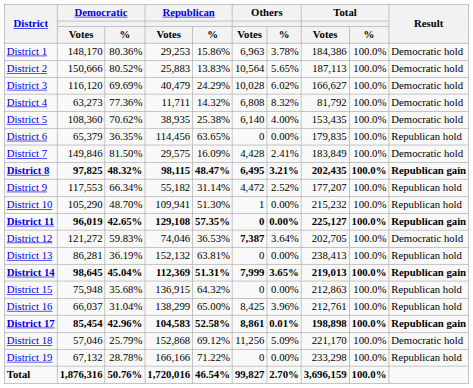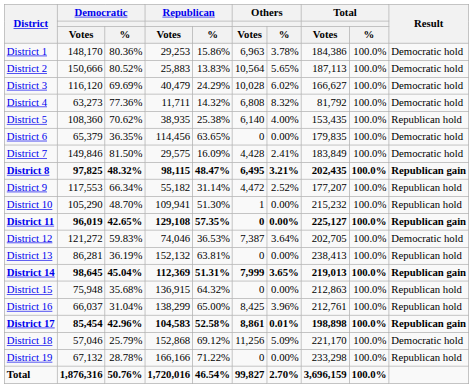 <table class="wikitable plainrowheaders sortable" style="font-size:100%; text-align:right;">
 <tr>
 <th scope=col rowspan=3><a href='#'>District</a></th>
 <th scope=col colspan=2><a href='#'>Democratic</a></th>
 <th scope=col colspan=2><a href='#'>Republican</a></th>
 <th scope=col colspan=2>Others</th>
 <th scope=col colspan=2>Total</th>
 <th scope=col rowspan=3>Result</th>
 </tr>
 <tr>
 <th scope=col colspan=2 style="background:"></th>
 <th scope=col colspan=2 style="background:"></th>
 <th scope=col colspan=2></th>
 <th scope=col colspan=2></th>
 </tr>
 <tr>
 <th scope=col data-sort-type="number">Votes</th>
 <th scope=col data-sort-type="number">%</th>
 <th scope=col data-sort-type="number">Votes</th>
 <th scope=col data-sort-type="number">%</th>
 <th scope=col data-sort-type="number">Votes</th>
 <th scope=col data-sort-type="number">%</th>
 <th scope=col data-sort-type="number">Votes</th>
 <th scope=col data-sort-type="number">%</th>
 </tr>
 <tr>
 <td align=left><a href='#'>District 1</a></td>
 <td>148,170</td>
 <td>80.36%</td>
 <td>29,253</td>
 <td>15.86%</td>
 <td>6,963</td>
 <td>3.78%</td>
 <td>184,386</td>
 <td>100.0%</td>
 <td align=left>Democratic hold</td>
 </tr>
 <tr>
 <td align=left><a href='#'>District 2</a></td>
 <td>150,666</td>
 <td>80.52%</td>
 <td>25,883</td>
 <td>13.83%</td>
 <td>10,564</td>
 <td>5.65%</td>
 <td>187,113</td>
 <td>100.0%</td>
 <td align=left>Democratic hold</td>
 </tr>
 <tr>
 <td align=left><a href='#'>District 3</a></td>
 <td>116,120</td>
 <td>69.69%</td>
 <td>40,479</td>
 <td>24.29%</td>
 <td>10,028</td>
 <td>6.02%</td>
 <td>166,627</td>
 <td>100.0%</td>
 <td align=left>Democratic hold</td>
 </tr>
 <tr>
 <td align=left><a href='#'>District 4</a></td>
 <td>63,273</td>
 <td>77.36%</td>
 <td>11,711</td>
 <td>14.32%</td>
 <td>6,808</td>
 <td>8.32%</td>
 <td>81,792</td>
 <td>100.0%</td>
 <td align=left>Democratic hold</td>
 </tr>
 <tr>
 <td align=left><a href='#'>District 5</a></td>
 <td>108,360</td>
 <td>70.62%</td>
 <td>38,935</td>
 <td>25.38%</td>
 <td>6,140</td>
 <td>4.00%</td>
 <td>153,435</td>
 <td>100.0%</td>
-<td align=left>Democratic hold</td>
+<td align=left>Republican hold</td>
 </tr>
 <tr>
 <td align=left><a href='#'>District 6</a></td>
 <td>65,379</td>
 <td>36.35%</td>
 <td>114,456</td>
 <td>63.65%</td>
 <td>0</td>
 <td>0.00%</td>
 <td>179,835</td>
 <td>100.0%</td>
-<td align=left>Republican hold</td>
+<td align=left>Democratic hold</td>
 </tr>
 <tr>
 <td align=left><a href='#'>District 7</a></td>
 <td>149,846</td>
 <td>81.50%</td>
 <td>29,575</td>
 <td>16.09%</td>
 <td>4,428</td>
 <td>2.41%</td>
 <td>183,849</td>
 <td>100.0%</td>
 <td align=left>Democratic hold</td>
 </tr>
 <tr>
 <td align=left><strong><a href='#'>District 8</a></strong></td>
 <td><strong>97,825</strong></td>
 <td><strong>48.32%</strong></td>
 <td><strong>98,115</strong></td>
 <td><strong>48.47%</strong></td>
 <td><strong>6,495</strong></td>
 <td><strong>3.21%</strong></td>
 <td><strong>202,435</strong></td>
 <td><strong>100.0%</strong></td>
 <td align=left><strong>Republican gain</strong></td>
 </tr>
 <tr>
 <td align=left><a href='#'>District 9</a></td>
 <td>117,553</td>
 <td>66.34%</td>
 <td>55,182</td>
 <td>31.14%</td>
 <td>4,472</td>
 <td>2.52%</td>
 <td>177,207</td>
 <td>100.0%</td>
 <td align=left>Republican hold</td>
 </tr>
 <tr>
 <td align=left><a href='#'>District 10</a></td>
 <td>105,290</td>
 <td>48.70%</td>
 <td>109,941</td>
 <td>51.30%</td>
 <td>1</td>
 <td>0.00%</td>
 <td>215,232</td>
 <td>100.0%</td>
 <td align=left>Republican hold</td>
 </tr>
 <tr>
 <td align=left><strong><a href='#'>District 11</a></strong></td>
 <td><strong>96,019</strong></td>
 <td><strong>42.65%</strong></td>
 <td><strong>129,108</strong></td>
 <td><strong>57.35%</strong></td>
 <td><strong>0</strong></td>
 <td><strong>0.00%</strong></td>
 <td><strong>225,127</strong></td>
 <td><strong>100.0%</strong></td>
 <td align=left><strong>Republican gain</strong></td>
 </tr>
 <tr>
 <td align=left><a href='#'>District 12</a></td>
 <td>121,272</td>
 <td>59.83%</td>
 <td>74,046</td>
 <td>36.53%</td>
-<td><strong>7,387</strong></td>
+<td>7,387</td>
 <td>3.64%</td>
 <td>202,705</td>
 <td>100.0%</td>
 <td align=left>Democratic hold</td>
 </tr>
 <tr>
 <td align=left><a href='#'>District 13</a></td>
 <td>86,281</td>
 <td>36.19%</td>
 <td>152,132</td>
 <td>63.81%</td>
 <td>0</td>
 <td>0.00%</td>
 <td>238,413</td>
 <td>100.0%</td>
 <td align=left>Republican hold</td>
 </tr>
 <tr>
 <td align=left><strong><a href='#'>District 14</a></strong></td>
 <td><strong>98,645</strong></td>
 <td><strong>45.04%</strong></td>
 <td><strong>112,369</strong></td>
 <td><strong>51.31%</strong></td>
 <td><strong>7,999</strong></td>
 <td><strong>3.65%</strong></td>
 <td><strong>219,013</strong></td>
 <td><strong>100.0%</strong></td>
 <td align=left><strong>Republican gain</strong></td>
 </tr>
 <tr>
 <td align=left><a href='#'>District 15</a></td>
 <td>75,948</td>
 <td>35.68%</td>
 <td>136,915</td>
 <td>64.32%</td>
 <td>0</td>
 <td>0.00%</td>
 <td>212,863</td>
 <td>100.0%</td>
 <td align=left>Republican hold</td>
 </tr>
 <tr>
 <td align=left><a href='#'>District 16</a></td>
 <td>66,037</td>
 <td>31.04%</td>
 <td>138,299</td>
 <td>65.00%</td>
 <td>8,425</td>
 <td>3.96%</td>
 <td>212,761</td>
 <td>100.0%</td>
 <td align=left>Republican hold</td>
 </tr>
 <tr>
 <td align=left><strong><a href='#'>District 17</a></strong></td>
 <td><strong>85,454</strong></td>
 <td><strong>42.96%</strong></td>
 <td><strong>104,583</strong></td>
 <td><strong>52.58%</strong></td>
 <td><strong>8,861</strong></td>
 <td><strong>0.01%</strong></td>
 <td><strong>198,898</strong></td>
 <td><strong>100.0%</strong></td>
 <td align=left><strong>Republican gain</strong></td>
 </tr>
 <tr>
 <td align=left><a href='#'>District 18</a></td>
 <td>57,046</td>
 <td>25.79%</td>
 <td>152,868</td>
 <td>69.12%</td>
 <td>11,256</td>
 <td>5.09%</td>
 <td>221,170</td>
 <td>100.0%</td>
 <td align=left>Democratic hold</td>
 </tr>
 <tr>
 <td align=left><a href='#'>District 19</a></td>
 <td>67,132</td>
 <td>28.78%</td>
 <td>166,166</td>
 <td>71.22%</td>
 <td>0</td>
 <td>0.00%</td>
 <td>233,298</td>
 <td>100.0%</td>
 <td align=left>Republican hold</td>
 </tr>
 <tr class="sortbottom" style="font-weight:bold">
 <td align=left>Total</td>
 <td>1,876,316</td>
 <td>50.76%</td>
 <td>1,720,016</td>
 <td>46.54%</td>
 <td>99,827</td>
 <td>2.70%</td>
 <td>3,696,159</td>
 <td>100.0%</td>
 <td></td>
 </tr>
 </table>
